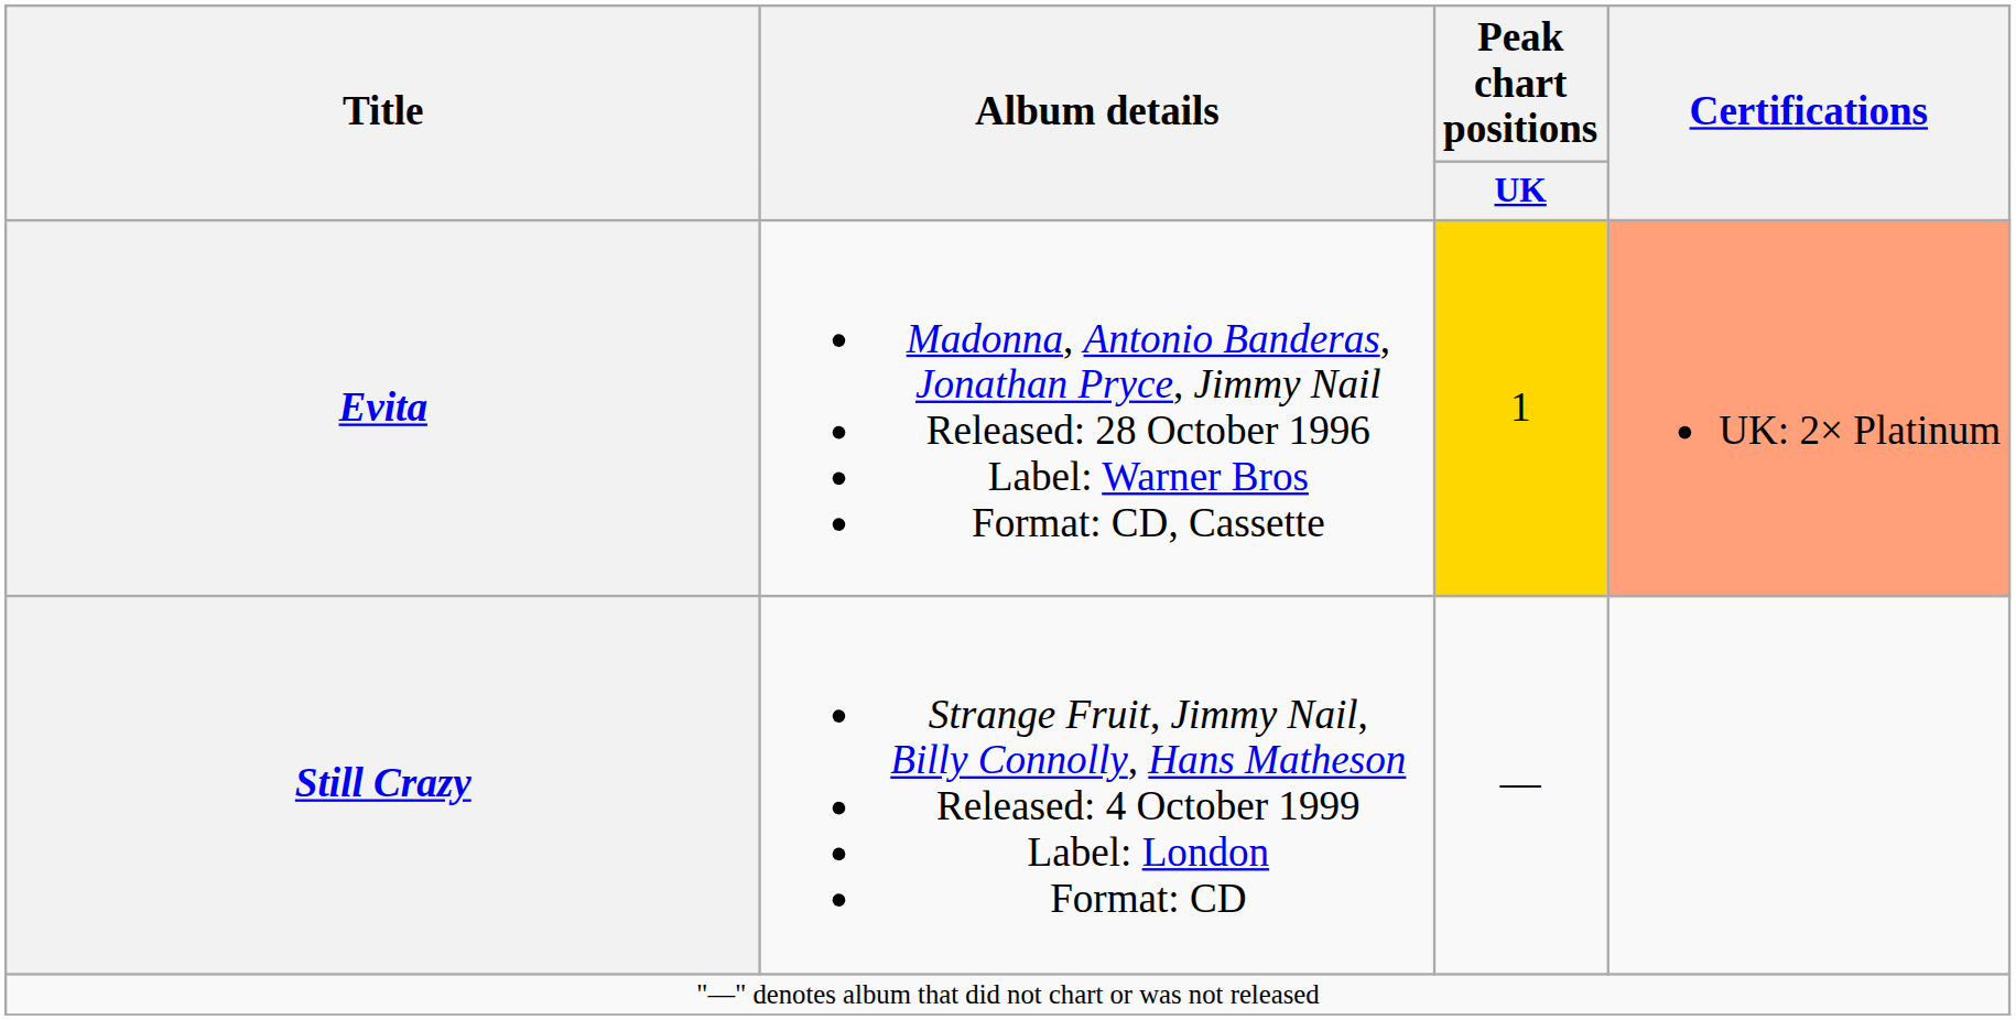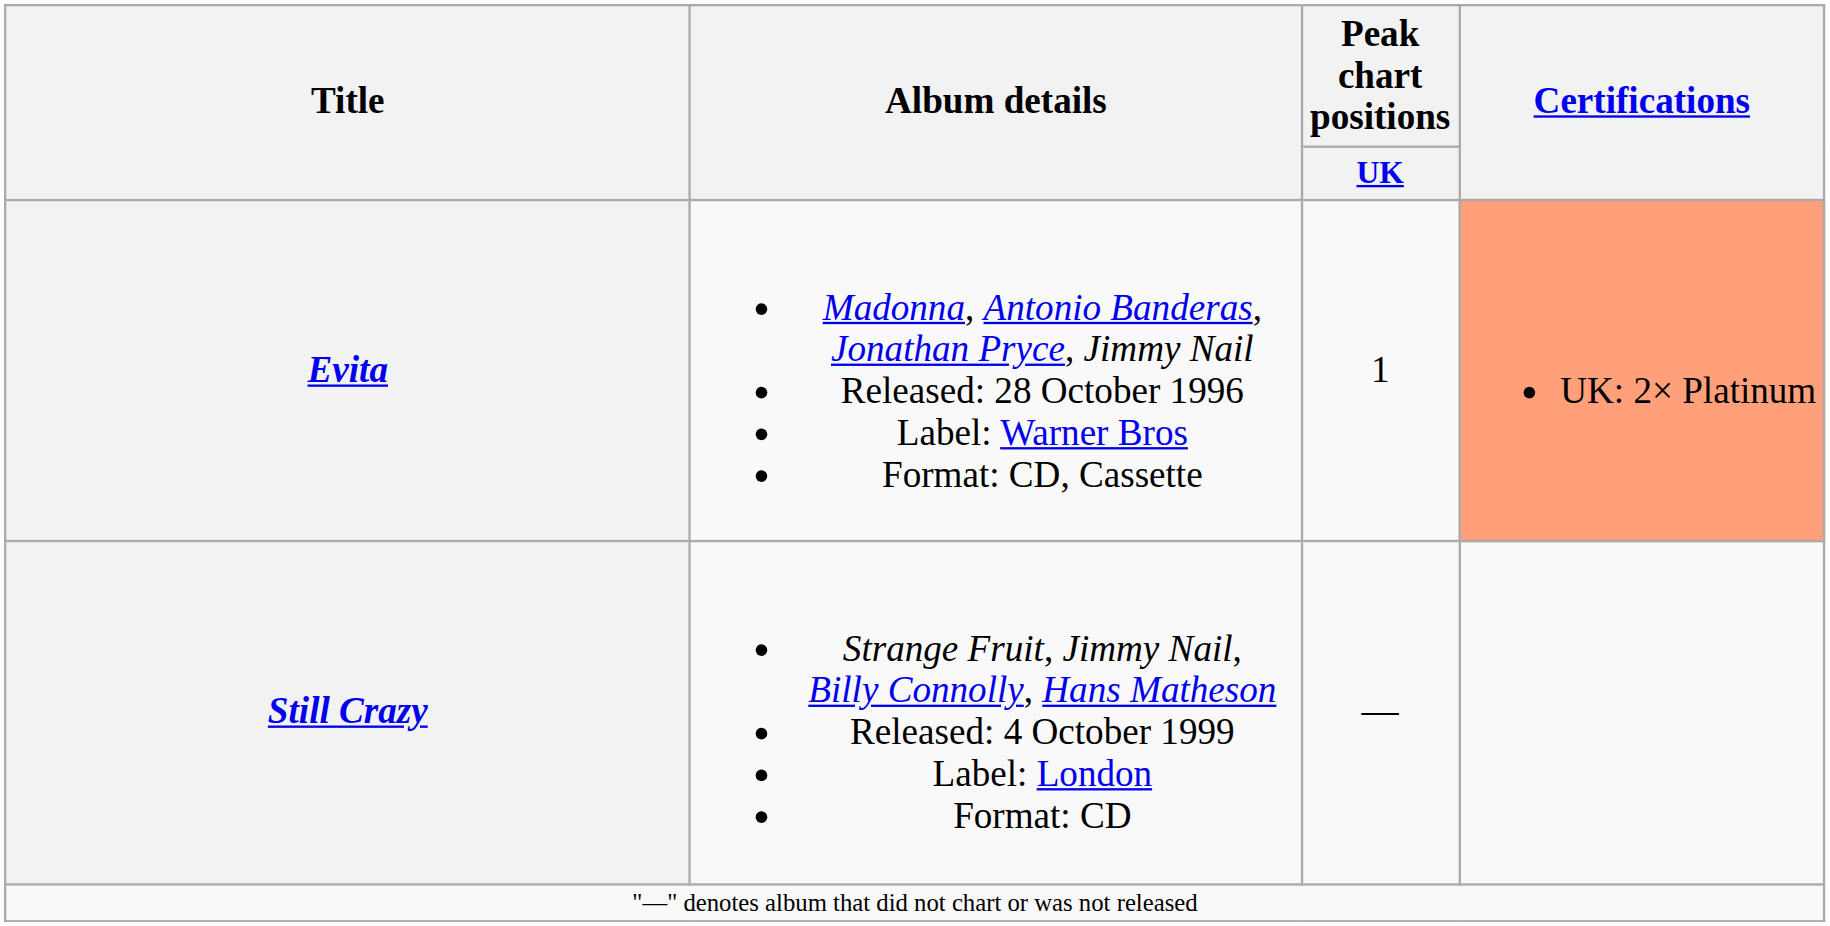 <table class="wikitable plainrowheaders" style="text-align:center;" border="1">
 <tr>
 <th scope="col" rowspan="2" style="width:18em;">Title</th>
 <th scope="col" rowspan="2" style="width:16em;">Album details</th>
 <th scope="col" colspan="1">Peak chart positions</th>
 <th scope="col" rowspan="2"><a href='#'>Certifications</a></th>
 </tr>
 <tr>
 <th scope="col" style="width:3em;font-size:85%;"><a href='#'>UK</a><br></th>
 </tr>
 <tr>
 <th scope="row"><em><a href='#'>Evita</a></em></th>
 <td><br><ul><li><em><a href='#'>Madonna</a></em>, <em><a href='#'>Antonio Banderas</a></em>,<br> <em><a href='#'>Jonathan Pryce</a></em>, <em>Jimmy Nail</em></li><li>Released: 28 October 1996</li><li>Label: <a href='#'>Warner Bros</a></li><li>Format: CD, Cassette</li></ul></td>
-<td style="background: gold;">1</td>
+<td>1</td>
 <td style="background: lightsalmon;"><br><ul><li>UK: 2× Platinum</li></ul></td>
 </tr>
 <tr>
 <th scope="row"><em><a href='#'>Still Crazy</a></em></th>
 <td><br><ul><li><em>Strange Fruit</em>, <em>Jimmy Nail</em>,<br> <em><a href='#'>Billy Connolly</a></em>, <em><a href='#'>Hans Matheson</a></em></li><li>Released: 4 October 1999</li><li>Label: <a href='#'>London</a></li><li>Format: CD</li></ul></td>
 <td>—</td>
 <td></td>
 </tr>
 <tr>
 <td colspan="14" style="font-size:8pt">"—" denotes album that did not chart or was not released</td>
 </tr>
 <tr>
 </tr>
 </table>
